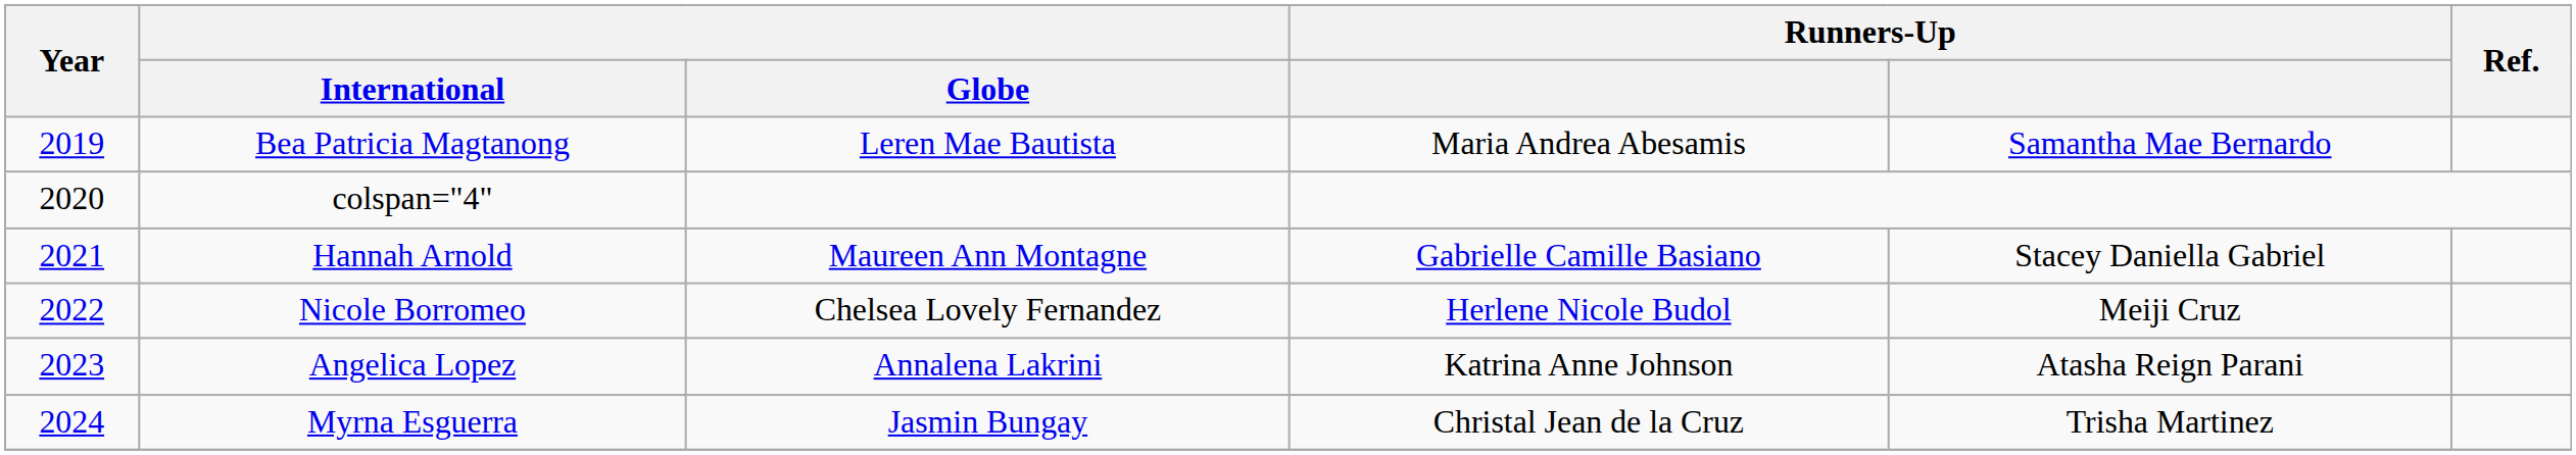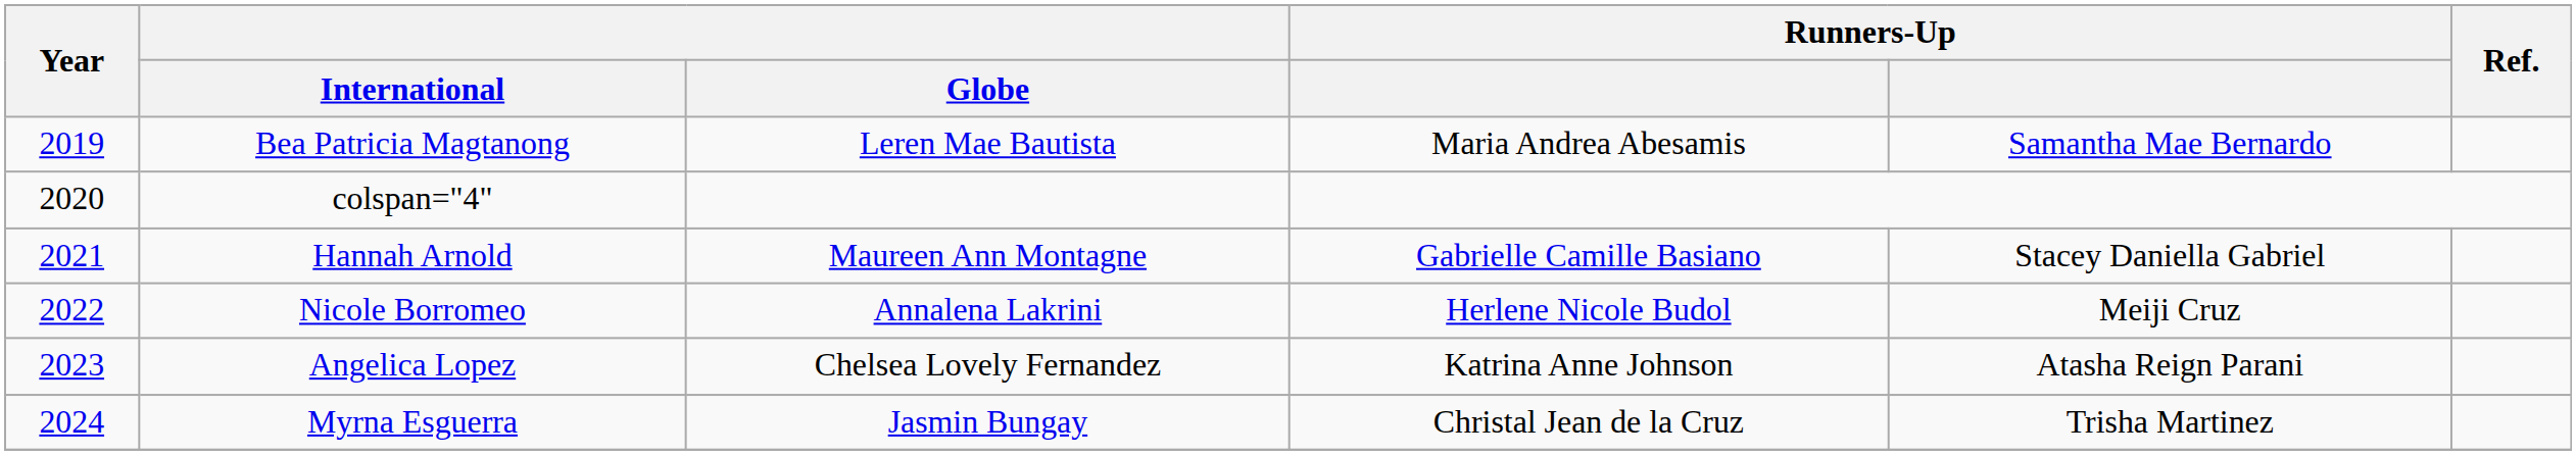 <table class="wikitable" style="text-align:center; font-size:100%; line-height:20px; width:100%;">
 <tr>
 <th rowspan="2">Year</th>
 <th colspan="2"></th>
 <th colspan="2">Runners-Up</th>
 <th rowspan="2">Ref.</th>
 </tr>
 <tr>
 <th><a href='#'>International</a></th>
 <th><a href='#'>Globe</a></th>
 <th></th>
 <th></th>
 </tr>
 <tr>
 <td><a href='#'>2019</a></td>
 <td><a href='#'>Bea Patricia Magtanong</a></td>
 <td><a href='#'>Leren Mae Bautista</a></td>
 <td>Maria Andrea Abesamis</td>
 <td><a href='#'>Samantha Mae Bernardo</a></td>
 <td></td>
 </tr>
 <tr>
 <td>2020</td>
 <td>colspan="4" </td>
 <td></td>
 </tr>
 <tr>
 <td><a href='#'>2021</a></td>
 <td><a href='#'>Hannah Arnold</a></td>
 <td><a href='#'>Maureen Ann Montagne</a></td>
 <td><a href='#'>Gabrielle Camille Basiano</a></td>
 <td>Stacey Daniella Gabriel</td>
 <td></td>
 </tr>
 <tr>
 <td><a href='#'>2022</a></td>
 <td><a href='#'>Nicole Borromeo</a></td>
-<td>Chelsea Lovely Fernandez</td>
+<td><a href='#'>Annalena Lakrini</a></td>
 <td><a href='#'>Herlene Nicole Budol</a></td>
 <td>Meiji Cruz</td>
 <td></td>
 </tr>
 <tr>
 <td><a href='#'>2023</a></td>
 <td><a href='#'>Angelica Lopez</a></td>
-<td><a href='#'>Annalena Lakrini</a></td>
+<td>Chelsea Lovely Fernandez</td>
 <td>Katrina Anne Johnson</td>
 <td>Atasha Reign Parani</td>
 <td></td>
 </tr>
 <tr>
 <td><a href='#'>2024</a></td>
 <td><a href='#'>Myrna Esguerra</a></td>
 <td><a href='#'>Jasmin Bungay</a></td>
 <td>Christal Jean de la Cruz</td>
 <td>Trisha Martinez</td>
 <td></td>
 </tr>
 <tr>
 </tr>
 </table>
